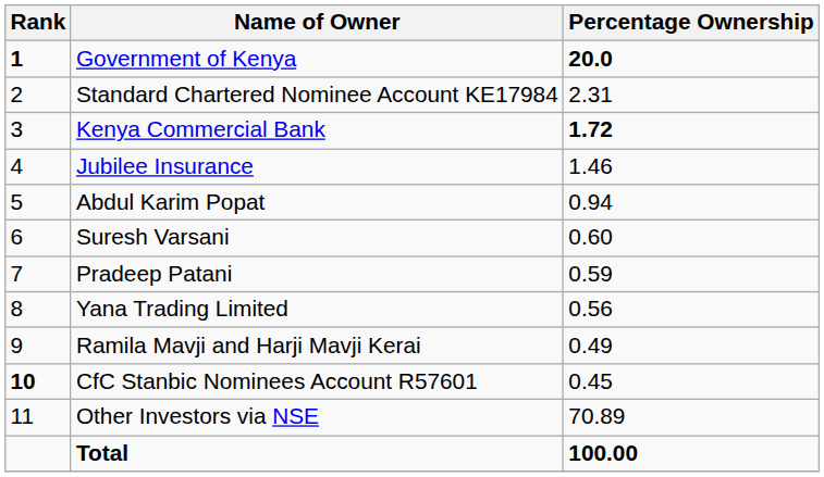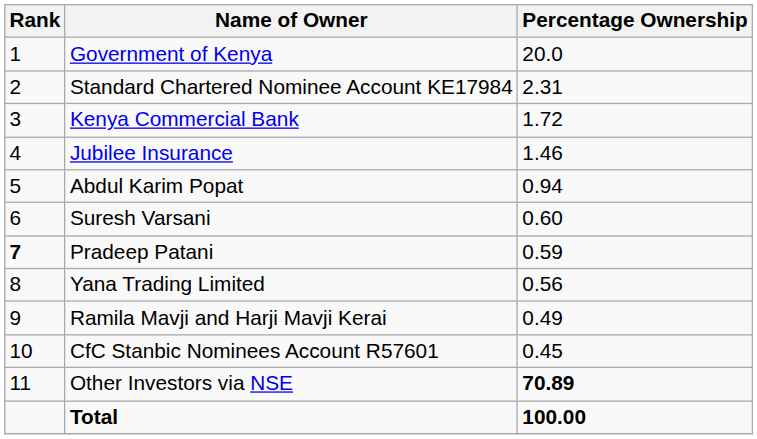 <table class="wikitable sortable" style="margin: 0.5em auto">
 <tr>
 <th>Rank</th>
 <th>Name of Owner</th>
 <th>Percentage Ownership</th>
 </tr>
 <tr>
-<td><strong>1</strong></td>
+<td>1</td>
 <td><a href='#'>Government of Kenya</a></td>
-<td><strong>20.0</strong></td>
+<td>20.0</td>
 </tr>
 <tr>
 <td>2</td>
 <td>Standard Chartered Nominee Account KE17984</td>
 <td>2.31</td>
 </tr>
 <tr>
 <td>3</td>
 <td><a href='#'>Kenya Commercial Bank</a></td>
-<td><strong>1.72</strong></td>
+<td>1.72</td>
 </tr>
 <tr>
 <td>4</td>
 <td><a href='#'>Jubilee Insurance</a></td>
 <td>1.46</td>
 </tr>
 <tr>
 <td>5</td>
 <td>Abdul Karim Popat</td>
 <td>0.94</td>
 </tr>
 <tr>
 <td>6</td>
 <td>Suresh Varsani</td>
 <td>0.60</td>
 </tr>
 <tr>
-<td>7</td>
+<td><strong>7</strong></td>
 <td>Pradeep Patani</td>
 <td>0.59</td>
 </tr>
 <tr>
 <td>8</td>
 <td>Yana Trading Limited</td>
 <td>0.56</td>
 </tr>
 <tr>
 <td>9</td>
 <td>Ramila Mavji and Harji Mavji Kerai</td>
 <td>0.49</td>
 </tr>
 <tr>
-<td><strong>10</strong></td>
+<td>10</td>
 <td>CfC Stanbic Nominees Account R57601</td>
 <td>0.45</td>
 </tr>
 <tr>
 <td>11</td>
 <td>Other Investors via <a href='#'>NSE</a></td>
-<td>70.89</td>
+<td><strong>70.89</strong></td>
 </tr>
 <tr>
 <td></td>
 <td><strong>Total</strong></td>
 <td><strong>100.00</strong></td>
 </tr>
 <tr>
 </tr>
 </table>
